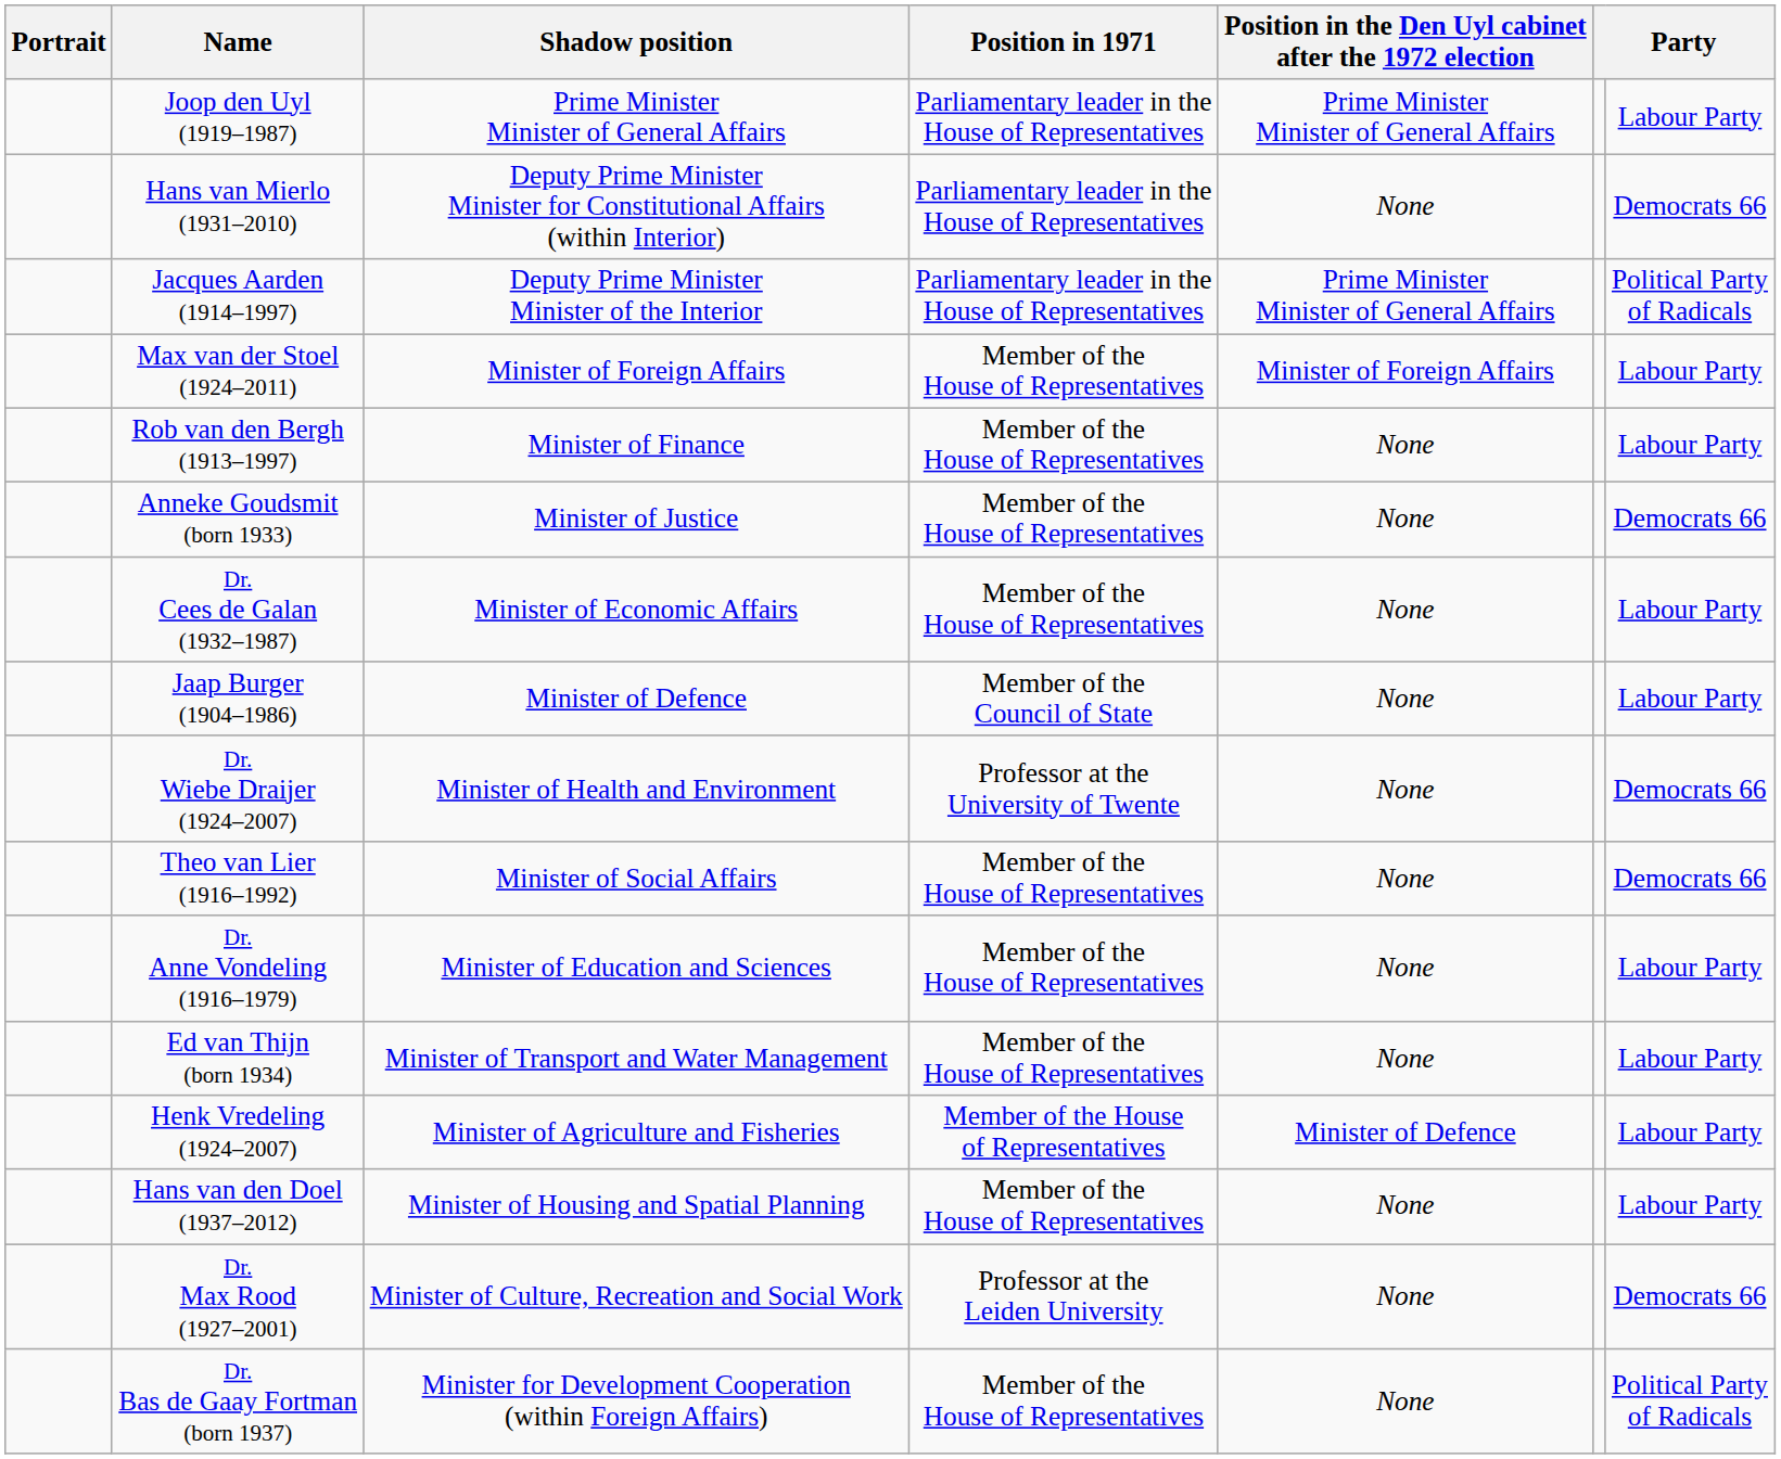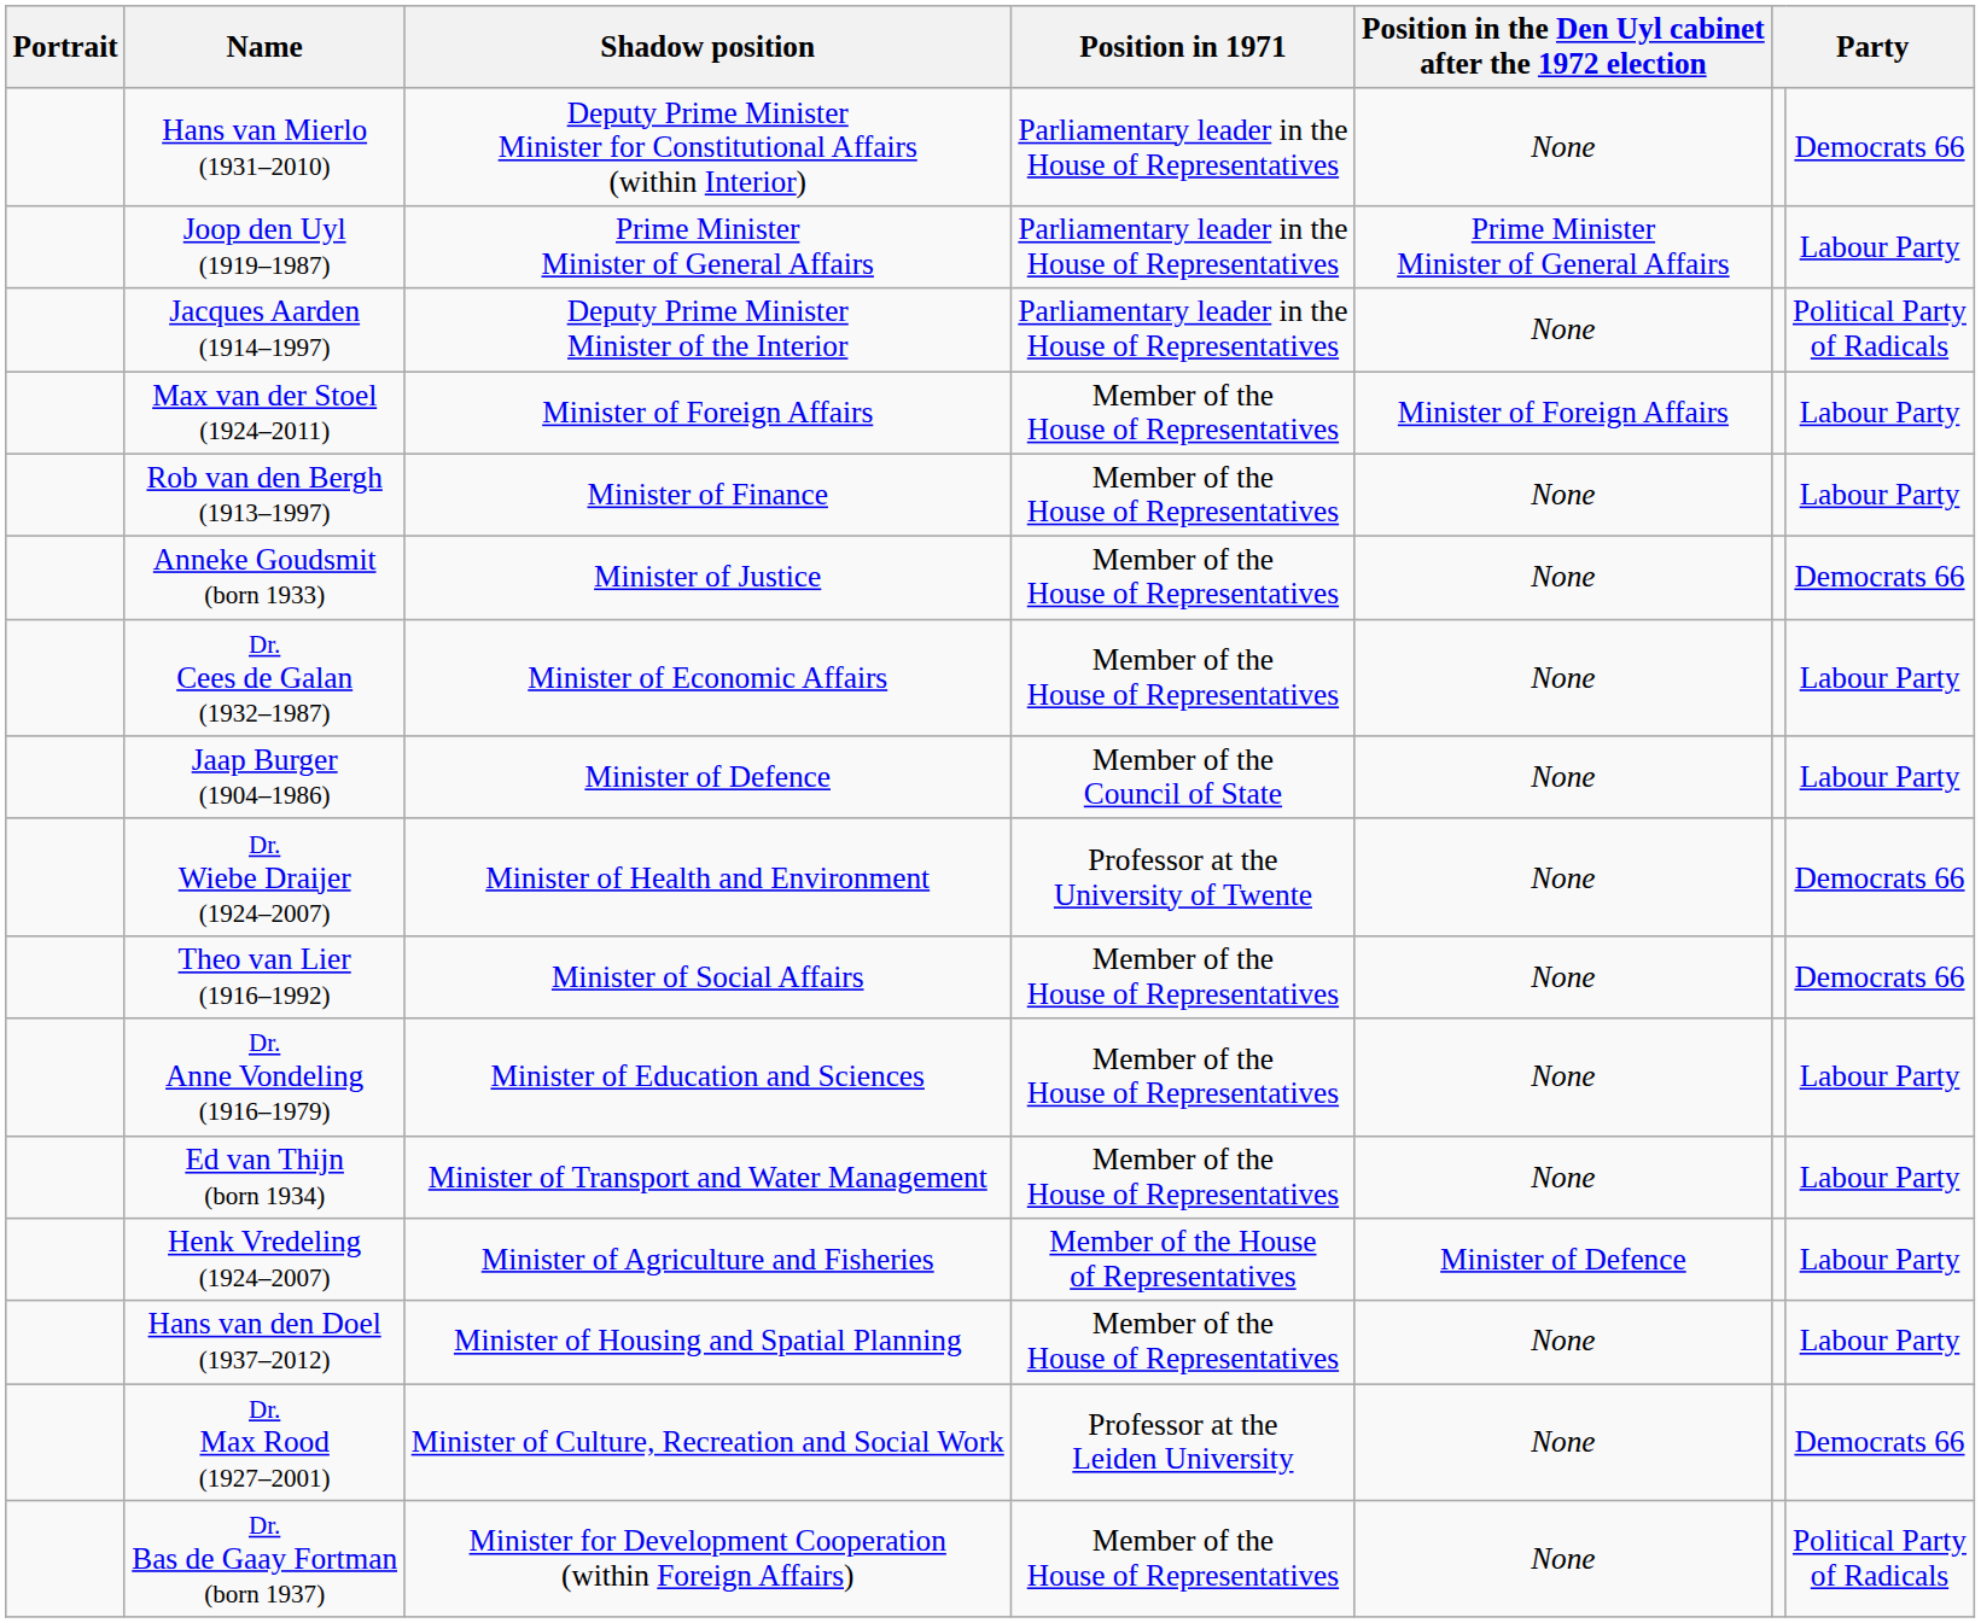 <table class="wikitable" style="text-align:center">
 <tr>
 <th>Portrait</th>
 <th>Name</th>
 <th>Shadow position</th>
 <th>Position in 1971</th>
 <th>Position in the <a href='#'>Den Uyl cabinet</a> <br> after the <a href='#'>1972 election</a></th>
 <th colspan=2>Party</th>
+</tr>
+<tr>
+<td></td>
+<td><a href='#'>Hans van Mierlo</a> <br> <small>(1931–2010)</small></td>
+<td><a href='#'>Deputy Prime Minister</a> <br> <a href='#'>Minister for Constitutional Affairs</a> <br> (within <a href='#'>Interior</a>)</td>
+<td><a href='#'>Parliamentary leader</a> in the <br> <a href='#'>House of Representatives</a></td>
+<td><em>None</em></td>
+<td style="background:"></td>
+<td><a href='#'>Democrats 66</a></td>
 </tr>
 <tr>
 <td></td>
 <td><a href='#'>Joop den Uyl</a> <br> <small>(1919–1987)</small></td>
 <td><a href='#'>Prime Minister</a> <br> <a href='#'>Minister of General Affairs</a></td>
 <td><a href='#'>Parliamentary leader</a> in the <br> <a href='#'>House of Representatives</a></td>
 <td><a href='#'>Prime Minister</a> <br> <a href='#'>Minister of General Affairs</a></td>
 <td style="background:"></td>
 <td><a href='#'>Labour Party</a></td>
 </tr>
 <tr>
 <td></td>
-<td><a href='#'>Hans van Mierlo</a> <br> <small>(1931–2010)</small></td>
-<td><a href='#'>Deputy Prime Minister</a> <br> <a href='#'>Minister for Constitutional Affairs</a> <br> (within <a href='#'>Interior</a>)</td>
-<td><a href='#'>Parliamentary leader</a> in the <br> <a href='#'>House of Representatives</a></td>
-<td><em>None</em></td>
-<td style="background:"></td>
-<td><a href='#'>Democrats 66</a></td>
-</tr>
-<tr>
-<td></td>
 <td><a href='#'>Jacques Aarden</a> <br> <small>(1914–1997)</small></td>
 <td><a href='#'>Deputy Prime Minister</a> <br> <a href='#'>Minister of the Interior</a></td>
 <td><a href='#'>Parliamentary leader</a> in the <br> <a href='#'>House of Representatives</a></td>
-<td><a href='#'>Prime Minister</a> <br> <a href='#'>Minister of General Affairs</a></td>
+<td><em>None</em></td>
 <td style="background:"></td>
 <td><a href='#'>Political Party <br> of Radicals</a></td>
 </tr>
 <tr>
 <td></td>
 <td><a href='#'>Max van der Stoel</a> <br> <small>(1924–2011)</small></td>
 <td><a href='#'>Minister of Foreign Affairs</a></td>
 <td>Member of the <br> <a href='#'>House of Representatives</a></td>
 <td><a href='#'>Minister of Foreign Affairs</a></td>
 <td style="background:"></td>
 <td><a href='#'>Labour Party</a></td>
 </tr>
 <tr>
 <td></td>
 <td><a href='#'>Rob van den Bergh</a> <br> <small>(1913–1997)</small></td>
 <td><a href='#'>Minister of Finance</a></td>
 <td>Member of the <br> <a href='#'>House of Representatives</a></td>
 <td><em>None</em></td>
 <td style="background:"></td>
 <td><a href='#'>Labour Party</a></td>
 </tr>
 <tr>
 <td></td>
 <td><a href='#'>Anneke Goudsmit</a> <br> <small>(born 1933)</small></td>
 <td><a href='#'>Minister of Justice</a></td>
 <td>Member of the <br> <a href='#'>House of Representatives</a></td>
 <td><em>None</em></td>
 <td style="background:"></td>
 <td><a href='#'>Democrats 66</a></td>
 </tr>
 <tr>
 <td></td>
 <td><small><a href='#'>Dr.</a></small> <br> <a href='#'>Cees de Galan</a> <br> <small>(1932–1987)</small></td>
 <td><a href='#'>Minister of Economic Affairs</a></td>
 <td>Member of the <br> <a href='#'>House of Representatives</a></td>
 <td><em>None</em></td>
 <td style="background:"></td>
 <td><a href='#'>Labour Party</a></td>
 </tr>
 <tr>
 <td></td>
 <td><a href='#'>Jaap Burger</a> <br> <small>(1904–1986)</small></td>
 <td><a href='#'>Minister of Defence</a></td>
 <td>Member of the <br> <a href='#'>Council of State</a></td>
 <td><em>None</em></td>
 <td style="background:"></td>
 <td><a href='#'>Labour Party</a></td>
 </tr>
 <tr>
 <td></td>
 <td><small><a href='#'>Dr.</a></small> <br> <a href='#'>Wiebe Draijer</a> <br> <small>(1924–2007)</small></td>
 <td><a href='#'>Minister of Health and Environment</a></td>
 <td>Professor at the <br> <a href='#'>University of Twente</a></td>
 <td><em>None</em></td>
 <td style="background:"></td>
 <td><a href='#'>Democrats 66</a></td>
 </tr>
 <tr>
 <td></td>
 <td><a href='#'>Theo van Lier</a> <br> <small>(1916–1992)</small></td>
 <td><a href='#'>Minister of Social Affairs</a></td>
 <td>Member of the <br> <a href='#'>House of Representatives</a></td>
 <td><em>None</em></td>
 <td style="background:"></td>
 <td><a href='#'>Democrats 66</a></td>
 </tr>
 <tr>
 <td></td>
 <td><small><a href='#'>Dr.</a></small> <br> <a href='#'>Anne Vondeling</a> <br> <small>(1916–1979)</small></td>
 <td><a href='#'>Minister of Education and Sciences</a></td>
 <td>Member of the <br> <a href='#'>House of Representatives</a></td>
 <td><em>None</em></td>
 <td style="background:"></td>
 <td><a href='#'>Labour Party</a></td>
 </tr>
 <tr>
 <td></td>
 <td><a href='#'>Ed van Thijn</a> <br> <small>(born 1934)</small></td>
 <td><a href='#'>Minister of Transport and Water Management</a></td>
 <td>Member of the <br> <a href='#'>House of Representatives</a></td>
 <td><em>None</em></td>
 <td style="background:"></td>
 <td><a href='#'>Labour Party</a></td>
 </tr>
 <tr>
 <td></td>
 <td><a href='#'>Henk Vredeling</a> <br> <small>(1924–2007)</small></td>
 <td><a href='#'>Minister of Agriculture and Fisheries</a></td>
 <td><a href='#'>Member of the House <br> of Representatives</a></td>
 <td><a href='#'>Minister of Defence</a></td>
 <td style="background:"></td>
 <td><a href='#'>Labour Party</a></td>
 </tr>
 <tr>
 <td></td>
 <td><a href='#'>Hans van den Doel</a> <br> <small>(1937–2012)</small></td>
 <td><a href='#'>Minister of Housing and Spatial Planning</a></td>
 <td>Member of the <br> <a href='#'>House of Representatives</a></td>
 <td><em>None</em></td>
 <td style="background:"></td>
 <td><a href='#'>Labour Party</a></td>
 </tr>
 <tr>
 <td></td>
 <td><small><a href='#'>Dr.</a></small> <br> <a href='#'>Max Rood</a> <br> <small>(1927–2001)</small></td>
 <td><a href='#'>Minister of Culture, Recreation and Social Work</a></td>
 <td>Professor at the <br> <a href='#'>Leiden University</a></td>
 <td><em>None</em></td>
 <td style="background:"></td>
 <td><a href='#'>Democrats 66</a></td>
 </tr>
 <tr>
 <td></td>
 <td><small><a href='#'>Dr.</a></small> <br> <a href='#'>Bas de Gaay Fortman</a> <br> <small>(born 1937)</small></td>
 <td><a href='#'>Minister for Development Cooperation</a> <br> (within <a href='#'>Foreign Affairs</a>)</td>
 <td>Member of the <br> <a href='#'>House of Representatives</a></td>
 <td><em>None</em></td>
 <td style="background:"></td>
 <td><a href='#'>Political Party <br> of Radicals</a></td>
 </tr>
 </table>
